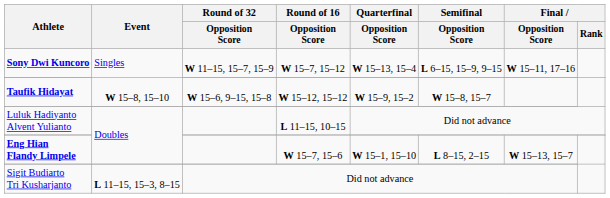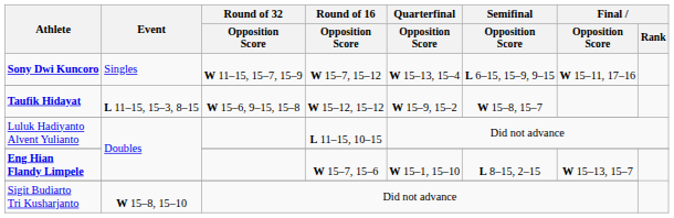 <table class=wikitable style="font-size:90%">
 <tr>
 <th rowspan="2">Athlete</th>
 <th rowspan="2">Event</th>
 <th>Round of 32</th>
 <th>Round of 16</th>
 <th>Quarterfinal</th>
 <th>Semifinal</th>
 <th colspan=2>Final / </th>
 </tr>
 <tr style="font-size:95%">
 <th>Opposition<br>Score</th>
 <th>Opposition<br>Score</th>
 <th>Opposition<br>Score</th>
 <th>Opposition<br>Score</th>
 <th>Opposition<br>Score</th>
 <th>Rank</th>
 </tr>
 <tr align=center>
 <td align=left><strong><a href='#'>Sony Dwi Kuncoro</a></strong></td>
 <td align=left rowspan=2><a href='#'>Singles</a></td>
 <td><br><strong>W</strong> 11–15, 15–7, 15–9</td>
 <td><br><strong>W</strong> 15–7, 15–12</td>
 <td><br><strong>W</strong> 15–13, 15–4</td>
 <td><br><strong>L</strong> 6–15, 15–9, 9–15</td>
 <td><br><strong>W</strong> 15–11, 17–16</td>
 <td></td>
 </tr>
 <tr>
 </tr>
 <tr align=center>
 <td align=left><strong><a href='#'>Taufik Hidayat</a></strong></td>
-<td><br><strong>W</strong> 15–8, 15–10</td>
+<td><br><strong>L</strong> 11–15, 15–3, 8–15</td>
 <td><br><strong>W</strong> 15–6, 9–15, 15–8</td>
 <td><br><strong>W</strong> 15–12, 15–12</td>
 <td><br><strong>W</strong> 15–9, 15–2</td>
 <td><br><strong>W</strong> 15–8, 15–7</td>
 <td></td>
 </tr>
 <tr>
 </tr>
 <tr align=center>
 <td align=left><a href='#'>Luluk Hadiyanto</a><br><a href='#'>Alvent Yulianto</a></td>
 <td align=left rowspan=3><a href='#'>Doubles</a></td>
 <td></td>
 <td><br><strong>L</strong> 11–15, 10–15</td>
 <td colspan=4>Did not advance</td>
 </tr>
 <tr>
 </tr>
 <tr align=center>
 <td align=left><strong><a href='#'>Eng Hian</a><br><a href='#'>Flandy Limpele</a></strong></td>
 <td></td>
 <td><br><strong>W</strong> 15–7, 15–6</td>
 <td><br><strong>W</strong> 15–1, 15–10</td>
 <td><br><strong>L</strong> 8–15, 2–15</td>
 <td><br><strong>W</strong> 15–13, 15–7</td>
 <td></td>
 </tr>
 <tr>
 </tr>
 <tr align=center>
 <td align=left><a href='#'>Sigit Budiarto</a><br><a href='#'>Tri Kusharjanto</a></td>
-<td><br><strong>L</strong> 11–15, 15–3, 8–15</td>
+<td><br><strong>W</strong> 15–8, 15–10</td>
 <td colspan=5>Did not advance</td>
 </tr>
 </table>
